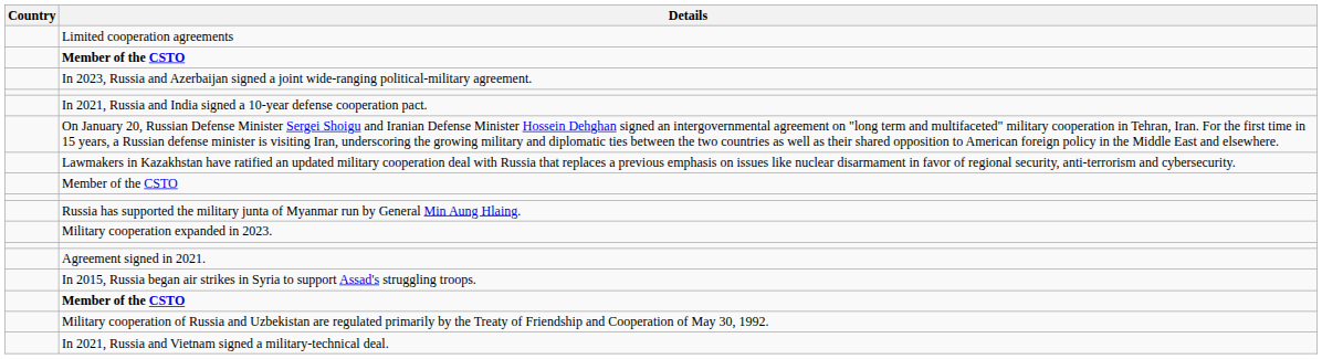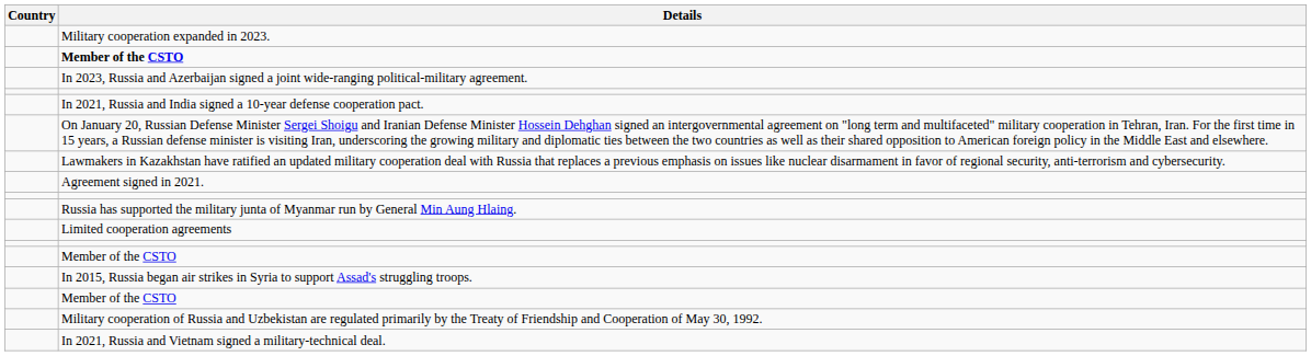 <table class="wikitable" style="margin:auto; width:100%;">
 <tr>
 <th>Country</th>
 <th>Details</th>
 </tr>
 <tr>
 <td></td>
-<td>Limited cooperation agreements</td>
+<td>Military cooperation expanded in 2023.</td>
 </tr>
 <tr>
 <td></td>
 <td><strong>Member of the <a href='#'>CSTO</a></strong></td>
 </tr>
 <tr>
 <td></td>
 <td>In 2023, Russia and Azerbaijan signed a joint wide-ranging political-military agreement.</td>
 </tr>
 <tr>
 <td></td>
 <td></td>
 </tr>
 <tr>
 <td></td>
 <td>In 2021, Russia and India signed a 10-year defense cooperation pact.</td>
 </tr>
 <tr>
 <td></td>
 <td>On January 20, Russian Defense Minister <a href='#'>Sergei Shoigu</a> and Iranian Defense Minister <a href='#'>Hossein Dehghan</a> signed an intergovernmental agreement on "long term and multifaceted" military cooperation in Tehran, Iran. For the first time in 15 years, a Russian defense minister is visiting Iran, underscoring the growing military and diplomatic ties between the two countries as well as their shared opposition to American foreign policy in the Middle East and elsewhere.</td>
 </tr>
 <tr>
 <td></td>
 <td>Lawmakers in Kazakhstan have ratified an updated military cooperation deal with Russia that replaces a previous emphasis on issues like nuclear disarmament in favor of regional security, anti-terrorism and cybersecurity.</td>
 </tr>
 <tr>
 <td></td>
-<td>Member of the <a href='#'>CSTO</a></td>
+<td>Agreement signed in 2021.</td>
 </tr>
 <tr>
 <td></td>
 <td></td>
 </tr>
 <tr>
 <td></td>
 <td>Russia has supported the military junta of Myanmar run by General <a href='#'>Min Aung Hlaing</a>.</td>
 </tr>
 <tr>
 <td></td>
-<td>Military cooperation expanded in 2023.</td>
+<td>Limited cooperation agreements</td>
 </tr>
 <tr>
 <td></td>
 <td></td>
 </tr>
 <tr>
 <td></td>
-<td>Agreement signed in 2021.</td>
+<td>Member of the <a href='#'>CSTO</a></td>
 </tr>
 <tr>
 <td></td>
 <td>In 2015, Russia began air strikes in Syria to support <a href='#'>Assad's</a> struggling troops.</td>
 </tr>
 <tr>
 <td></td>
-<td><strong>Member of the <a href='#'>CSTO</a></strong></td>
+<td>Member of the <a href='#'>CSTO</a></td>
 </tr>
 <tr>
 <td></td>
 <td>Military cooperation of Russia and Uzbekistan are regulated primarily by the Treaty of Friendship and Cooperation of May 30, 1992.</td>
 </tr>
 <tr>
 <td></td>
 <td>In 2021, Russia and Vietnam signed a military-technical deal.</td>
 </tr>
 </table>
